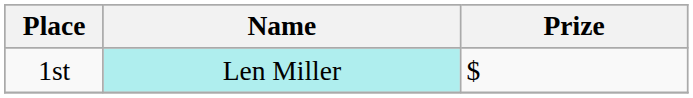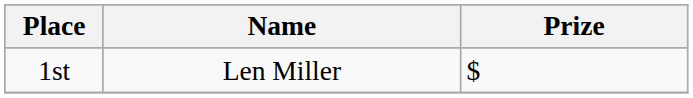 <table class="wikitable">
 <tr>
 <th width="50">Place</th>
 <th width="200">Name</th>
 <th width="125">Prize</th>
 </tr>
 <tr>
 <td align = "center">1st</td>
-<td align = "center" style="background: paleturquoise;">Len Miller</td>
+<td align = "center">Len Miller</td>
 <td>$</td>
 </tr>
 <tr>
 </tr>
 </table>
